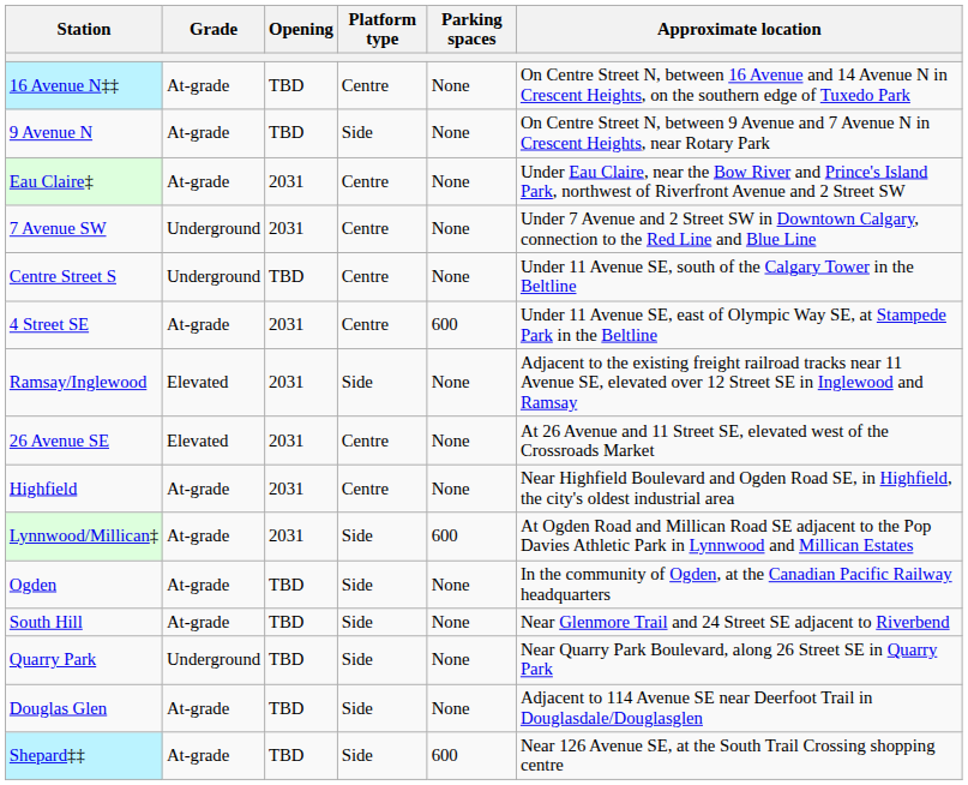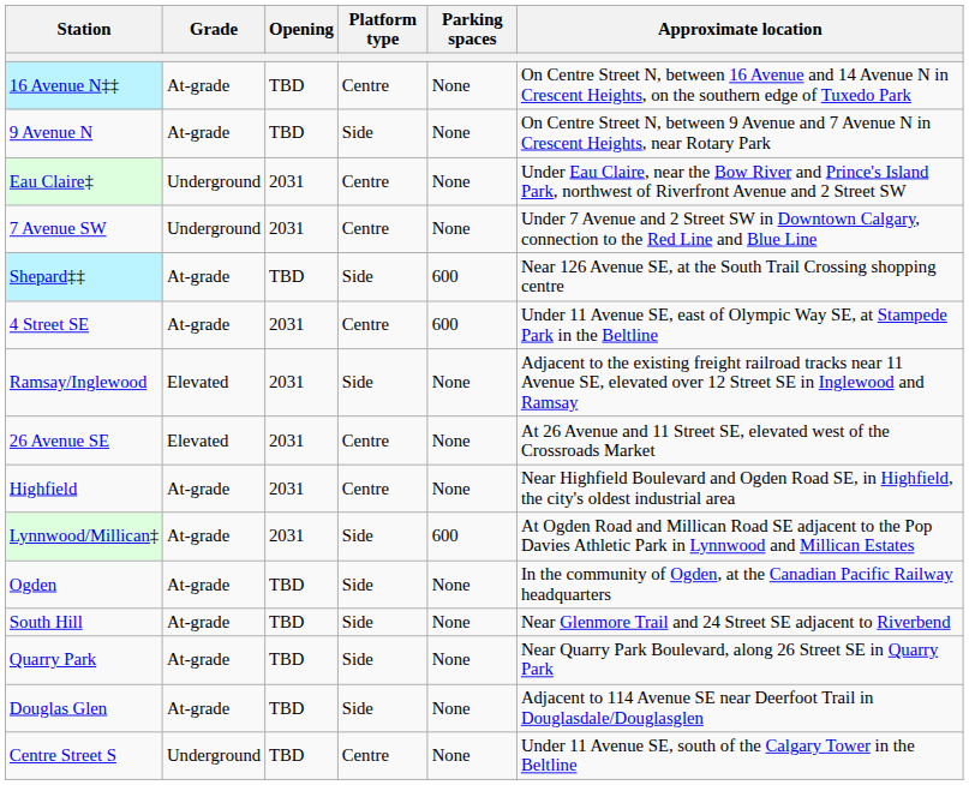 <table class="wikitable sortable">
 <tr>
 <th>Station</th>
 <th>Grade</th>
 <th>Opening</th>
 <th>Platform type</th>
 <th data-sort-type="number">Parking spaces</th>
 <th class="unsortable">Approximate location</th>
 </tr>
 <tr>
 <th colspan=6 style="background:#"></th>
 </tr>
 <tr z>
 <td style="background-color:#bbf3ff"><a href='#'>16 Avenue N</a>‡‡</td>
 <td>At-grade</td>
 <td>TBD</td>
 <td>Centre</td>
 <td>None</td>
 <td>On Centre Street N, between <a href='#'>16 Avenue</a> and 14 Avenue N in <a href='#'>Crescent Heights</a>, on the southern edge of <a href='#'>Tuxedo Park</a></td>
 </tr>
 <tr>
 <td><a href='#'>9 Avenue N</a></td>
 <td>At-grade</td>
 <td>TBD</td>
 <td>Side</td>
 <td>None</td>
 <td>On Centre Street N, between 9 Avenue and 7 Avenue N in <a href='#'>Crescent Heights</a>, near Rotary Park</td>
 </tr>
 <tr>
 <td style="background-color:#ddffdd"><a href='#'>Eau Claire</a>‡</td>
-<td>At-grade</td>
+<td>Underground</td>
 <td>2031</td>
 <td>Centre</td>
 <td>None</td>
 <td>Under <a href='#'>Eau Claire</a>, near the <a href='#'>Bow River</a> and <a href='#'>Prince's Island Park</a>, northwest of Riverfront Avenue and 2 Street SW</td>
 </tr>
 <tr>
 <td><a href='#'>7 Avenue SW</a></td>
 <td>Underground</td>
 <td>2031</td>
 <td>Centre</td>
 <td>None</td>
 <td>Under 7 Avenue and 2 Street SW in <a href='#'>Downtown Calgary</a>, connection to the <a href='#'>Red Line</a> and <a href='#'>Blue Line</a></td>
 </tr>
 <tr>
-<td><a href='#'>Centre Street S</a></td>
-<td>Underground</td>
+<td style="background-color:#bbf3ff"><a href='#'>Shepard</a>‡‡</td>
+<td>At-grade</td>
 <td>TBD</td>
-<td>Centre</td>
-<td>None</td>
-<td>Under 11 Avenue SE, south of the <a href='#'>Calgary Tower</a> in the <a href='#'>Beltline</a></td>
+<td>Side</td>
+<td>600</td>
+<td>Near 126 Avenue SE, at the South Trail Crossing shopping centre</td>
 </tr>
 <tr>
 <td><a href='#'>4 Street SE</a></td>
 <td>At-grade</td>
 <td>2031</td>
 <td>Centre</td>
 <td>600</td>
 <td>Under 11 Avenue SE, east of Olympic Way SE, at <a href='#'>Stampede Park</a> in the <a href='#'>Beltline</a></td>
 </tr>
 <tr>
 <td><a href='#'>Ramsay/Inglewood</a></td>
 <td>Elevated</td>
 <td>2031</td>
 <td>Side</td>
 <td>None</td>
 <td>Adjacent to the existing freight railroad tracks near 11 Avenue SE, elevated over 12 Street SE in <a href='#'>Inglewood</a> and <a href='#'>Ramsay</a></td>
 </tr>
 <tr>
 <td><a href='#'>26 Avenue SE</a></td>
 <td>Elevated</td>
 <td>2031</td>
 <td>Centre</td>
 <td>None</td>
 <td>At 26 Avenue and 11 Street SE, elevated west of the Crossroads Market</td>
 </tr>
 <tr>
 <td><a href='#'>Highfield</a></td>
 <td>At-grade</td>
 <td>2031</td>
 <td>Centre</td>
 <td>None</td>
 <td>Near Highfield Boulevard and Ogden Road SE, in <a href='#'>Highfield</a>, the city's oldest industrial area</td>
 </tr>
 <tr>
 <td style="background-color:#ddffdd"><a href='#'>Lynnwood/Millican</a>‡</td>
 <td>At-grade</td>
 <td>2031</td>
 <td>Side</td>
 <td>600</td>
 <td>At Ogden Road and Millican Road SE adjacent to the Pop Davies Athletic Park in <a href='#'>Lynnwood</a> and <a href='#'>Millican Estates</a></td>
 </tr>
 <tr>
 <td><a href='#'>Ogden</a></td>
 <td>At-grade</td>
 <td>TBD</td>
 <td>Side</td>
 <td>None</td>
 <td>In the community of <a href='#'>Ogden</a>, at the <a href='#'>Canadian Pacific Railway</a> headquarters</td>
 </tr>
 <tr>
 <td><a href='#'>South Hill</a></td>
 <td>At-grade</td>
 <td>TBD</td>
 <td>Side</td>
 <td>None</td>
 <td>Near <a href='#'>Glenmore Trail</a> and 24 Street SE adjacent to <a href='#'>Riverbend</a></td>
 </tr>
 <tr>
 <td><a href='#'>Quarry Park</a></td>
-<td>Underground</td>
+<td>At-grade</td>
 <td>TBD</td>
 <td>Side</td>
 <td>None</td>
 <td>Near Quarry Park Boulevard, along 26 Street SE in <a href='#'>Quarry Park</a></td>
 </tr>
 <tr>
 <td><a href='#'>Douglas Glen</a></td>
 <td>At-grade</td>
 <td>TBD</td>
 <td>Side</td>
 <td>None</td>
 <td>Adjacent to 114 Avenue SE near Deerfoot Trail in <a href='#'>Douglasdale/Douglasglen</a></td>
 </tr>
 <tr>
-<td style="background-color:#bbf3ff"><a href='#'>Shepard</a>‡‡</td>
-<td>At-grade</td>
+<td><a href='#'>Centre Street S</a></td>
+<td>Underground</td>
 <td>TBD</td>
-<td>Side</td>
-<td>600</td>
-<td>Near 126 Avenue SE, at the South Trail Crossing shopping centre</td>
+<td>Centre</td>
+<td>None</td>
+<td>Under 11 Avenue SE, south of the <a href='#'>Calgary Tower</a> in the <a href='#'>Beltline</a></td>
 </tr>
 </table>
